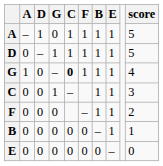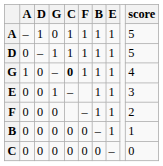 <table class="wikitable">
 <tr>
 <th></th>
 <th>A</th>
 <th>D</th>
 <th>G</th>
 <th>C</th>
 <th>F</th>
 <th>B</th>
 <th>E</th>
 <td rowspan="8"></td>
 <th>score</th>
 </tr>
 <tr>
 <th>A</th>
 <td>–</td>
 <td>1</td>
 <td>0</td>
 <td>1</td>
 <td>1</td>
 <td>1</td>
 <td>1</td>
 <td>5</td>
 </tr>
 <tr>
 <th>D</th>
 <td>0</td>
 <td>–</td>
 <td>1</td>
 <td>1</td>
 <td>1</td>
 <td>1</td>
 <td>1</td>
 <td>5</td>
 </tr>
 <tr>
 <th>G</th>
 <td>1</td>
 <td>0</td>
 <td>–</td>
 <td><strong>0</strong></td>
 <td>1</td>
 <td>1</td>
 <td>1</td>
 <td>4</td>
 </tr>
 <tr>
-<th>C</th>
+<th>E</th>
 <td>0</td>
 <td>0</td>
 <td>1</td>
 <td>–</td>
 <td></td>
 <td>1</td>
 <td>1</td>
 <td>3</td>
 </tr>
 <tr>
 <th>F</th>
 <td>0</td>
 <td>0</td>
 <td>0</td>
 <td></td>
 <td>–</td>
 <td>1</td>
 <td>1</td>
 <td>2</td>
 </tr>
 <tr>
 <th>B</th>
 <td>0</td>
 <td>0</td>
 <td>0</td>
 <td>0</td>
 <td>0</td>
 <td>–</td>
 <td>1</td>
 <td>1</td>
 </tr>
 <tr>
-<th>E</th>
+<th>C</th>
 <td>0</td>
 <td>0</td>
 <td>0</td>
 <td>0</td>
 <td>0</td>
 <td>0</td>
 <td>–</td>
 <td>0</td>
 </tr>
 </table>
